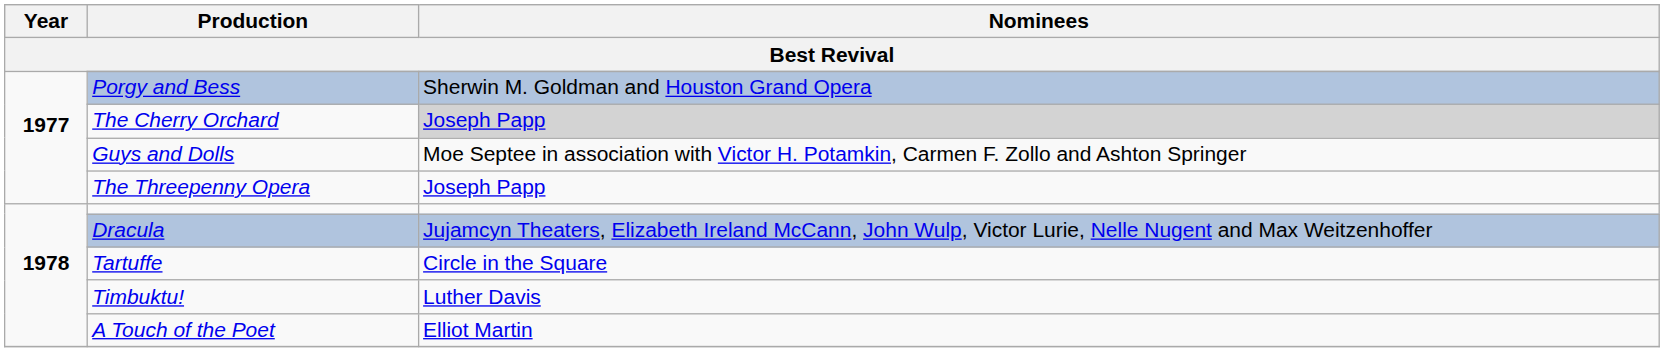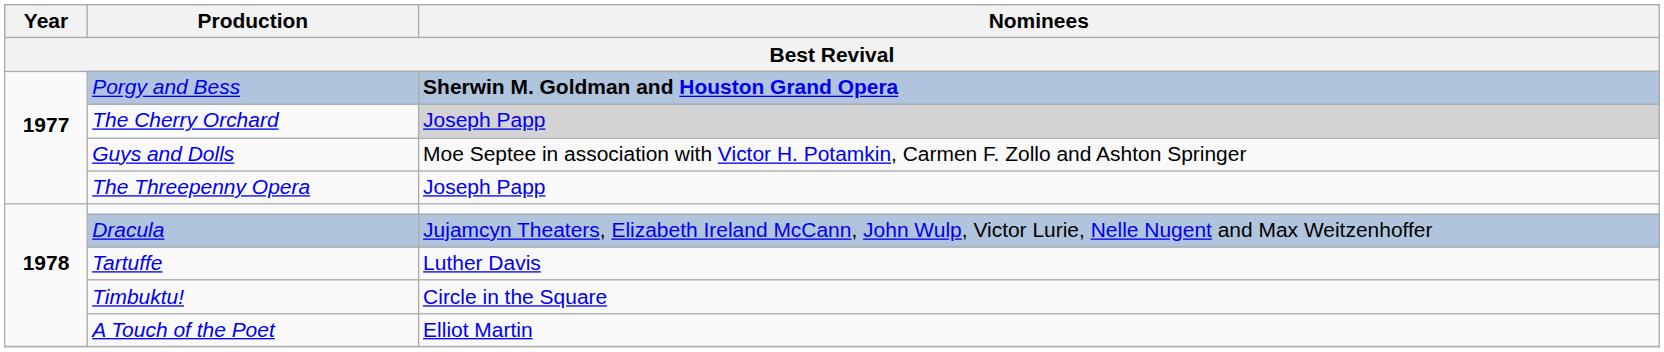 <table class="wikitable" style="width:100%;">
 <tr style="background:#bebebe;">
 <th style="width:5%;">Year</th>
 <th style="width:20%;">Production</th>
 <th style="width:75%;">Nominees</th>
 </tr>
 <tr>
 <th colspan="5">Best Revival</th>
 </tr>
 <tr>
 <td rowspan="5" align="center"><strong>1977</strong><br><br></td>
 </tr>
 <tr style="background:#B0C4DE">
 <td><em><a href='#'>Porgy and Bess</a></em></td>
-<td>Sherwin M. Goldman and <a href='#'>Houston Grand Opera</a></td>
+<td><strong>Sherwin M. Goldman and <a href='#'>Houston Grand Opera</a></strong></td>
 </tr>
 <tr>
 <td><em><a href='#'>The Cherry Orchard</a></em></td>
 <td style="background: lightgrey;"><a href='#'>Joseph Papp</a></td>
 </tr>
 <tr>
 <td><em><a href='#'>Guys and Dolls</a></em></td>
 <td>Moe Septee in association with <a href='#'>Victor H. Potamkin</a>, Carmen F. Zollo and Ashton Springer</td>
 </tr>
 <tr>
 <td><em><a href='#'>The Threepenny Opera</a></em></td>
 <td><a href='#'>Joseph Papp</a></td>
 </tr>
 <tr>
 <td rowspan="5" align="center"><strong>1978</strong><br><br></td>
 <td></td>
 </tr>
 <tr style="background:#B0C4DE">
 <td><em><a href='#'>Dracula</a></em></td>
 <td><a href='#'>Jujamcyn Theaters</a>, <a href='#'>Elizabeth Ireland McCann</a>, <a href='#'>John Wulp</a>, Victor Lurie, <a href='#'>Nelle Nugent</a> and Max Weitzenhoffer</td>
 </tr>
 <tr>
 <td><em><a href='#'>Tartuffe</a></em></td>
-<td><a href='#'>Circle in the Square</a></td>
+<td><a href='#'>Luther Davis</a></td>
 </tr>
 <tr>
 <td><em><a href='#'>Timbuktu!</a></em></td>
-<td><a href='#'>Luther Davis</a></td>
+<td><a href='#'>Circle in the Square</a></td>
 </tr>
 <tr>
 <td><em><a href='#'>A Touch of the Poet</a></em></td>
 <td><a href='#'>Elliot Martin</a></td>
 </tr>
 <tr>
 </tr>
 </table>
